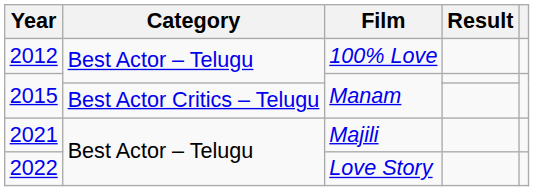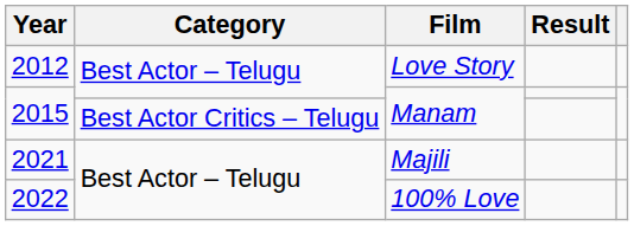 <table class="wikitable">
 <tr>
 <th>Year</th>
 <th>Category</th>
 <th>Film</th>
 <th>Result</th>
 <th></th>
 </tr>
 <tr>
 <td><a href='#'>2012</a></td>
 <td rowspan="2"><a href='#'>Best Actor – Telugu</a></td>
-<td><em><a href='#'>100% Love</a></em></td>
+<td><em><a href='#'>Love Story</a></em></td>
 <td></td>
 <td></td>
 </tr>
 <tr>
 <td rowspan="2"><a href='#'>2015</a></td>
 <td rowspan="2"><em><a href='#'>Manam</a></em></td>
 <td></td>
 <td rowspan="2"></td>
 </tr>
 <tr>
 <td><a href='#'>Best Actor Critics – Telugu</a></td>
 <td></td>
 </tr>
 <tr>
 <td><a href='#'>2021</a></td>
 <td rowspan="2">Best Actor – Telugu</td>
 <td><em><a href='#'>Majili</a></em></td>
 <td></td>
 <td></td>
 </tr>
 <tr>
 <td><a href='#'>2022</a></td>
-<td><em><a href='#'>Love Story</a></em></td>
+<td><em><a href='#'>100% Love</a></em></td>
 <td></td>
 <td></td>
 </tr>
 </table>
